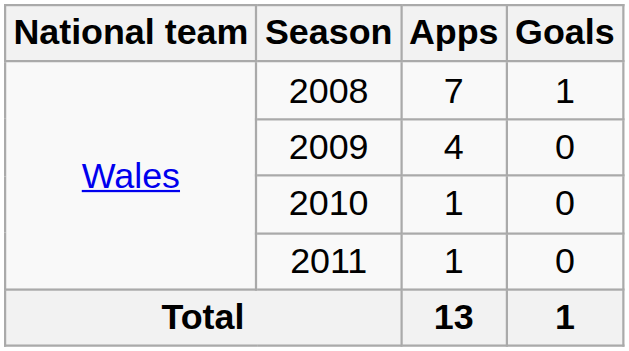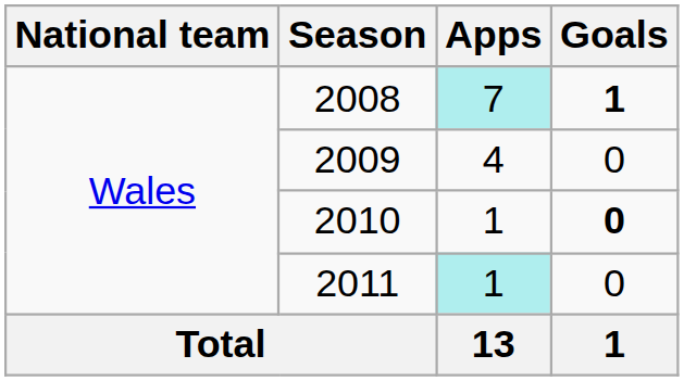 <table class="wikitable" style="text-align: center;">
 <tr>
 <th>National team</th>
 <th>Season</th>
 <th>Apps</th>
 <th>Goals</th>
 </tr>
 <tr>
 <td rowspan="4"><a href='#'>Wales</a></td>
 <td>2008</td>
-<td>7</td>
-<td>1</td>
+<td style="background: paleturquoise;">7</td>
+<td><strong>1</strong></td>
 </tr>
 <tr>
 <td>2009</td>
 <td>4</td>
 <td>0</td>
 </tr>
 <tr>
 <td>2010</td>
 <td>1</td>
-<td>0</td>
+<td><strong>0</strong></td>
 </tr>
 <tr>
 <td>2011</td>
-<td>1</td>
+<td style="background: paleturquoise;">1</td>
 <td>0</td>
 </tr>
 <tr>
 <th colspan="2">Total</th>
 <th>13</th>
 <th>1</th>
 </tr>
 </table>
